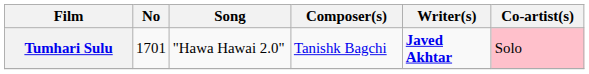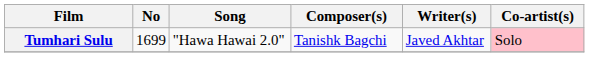 <table class="wikitable plainrowheaders" style="width:100%; textcolor:#000">
 <tr>
 <th scope="col" style="width:24%;">Film</th>
 <th>No</th>
 <th scope="col" style="width:23%;">Song</th>
 <th scope="col" style="width:20%;">Composer(s)</th>
 <th scope="col" style="width:16%;">Writer(s)</th>
 <th scope="col" style="width:18%;">Co-artist(s)</th>
 </tr>
 <tr>
 <th><a href='#'>Tumhari Sulu</a></th>
-<td>1701</td>
+<td>1699</td>
 <td>"Hawa Hawai 2.0"</td>
 <td><a href='#'>Tanishk Bagchi</a></td>
-<td><strong><a href='#'>Javed Akhtar</a></strong></td>
+<td><a href='#'>Javed Akhtar</a></td>
 <td style="background: pink;">Solo</td>
 </tr>
 <tr>
 </tr>
 </table>
